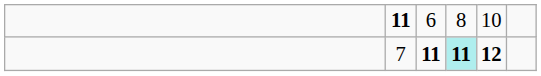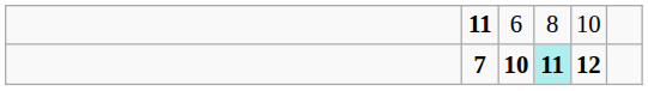 <table class="wikitable">
 <tr>
 <td style="width:18em"></td>
 <td align=center style="width:1em"><strong>11</strong></td>
 <td align=center style="width:1em">6</td>
 <td align=center style="width:1em">8</td>
 <td align=center style="width:1em">10</td>
 <td align=center style="width:1em"></td>
 </tr>
 <tr>
 <td style="width:18em"></td>
-<td align=center style="width:1em">7</td>
-<td align=center style="width:1em"><strong>11</strong></td>
+<td align=center style="width:1em"><strong>7</strong></td>
+<td align=center style="width:1em"><strong>10</strong></td>
 <td align=center style="background: paleturquoise; width:1em"><strong>11</strong></td>
 <td align=center style="width:1em"><strong>12</strong></td>
 <td align=center style="width:1em"></td>
 </tr>
 </table>
